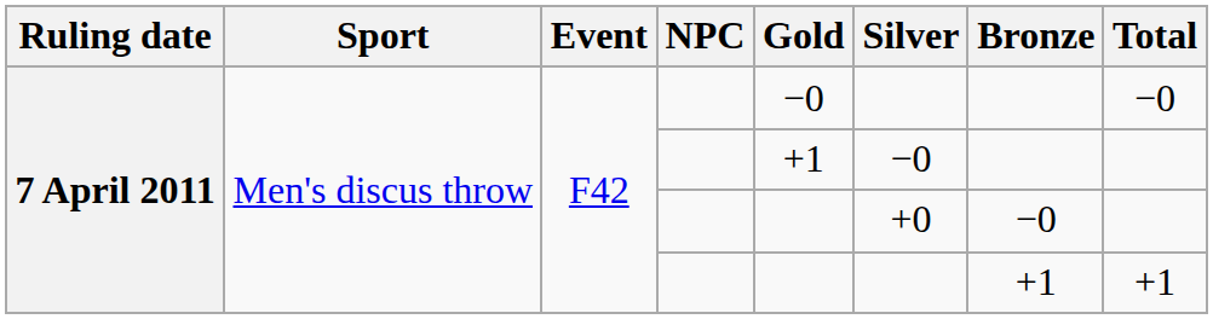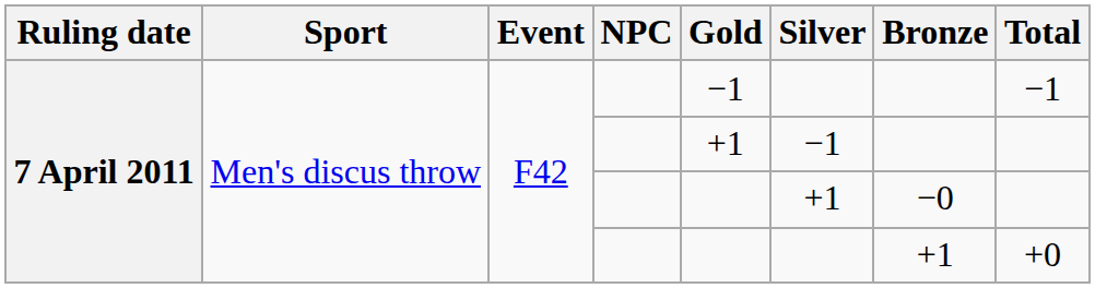 <table class="wikitable plainrowheaders" style="text-align:center">
 <tr>
 <th scope="col">Ruling date</th>
 <th scope="col">Sport</th>
 <th scope="col">Event</th>
 <th scope="col">NPC</th>
 <th scope="col">Gold</th>
 <th scope="col">Silver</th>
 <th scope="col">Bronze</th>
 <th scope="col">Total</th>
 </tr>
 <tr>
 <th scope="row" rowspan=4>7 April 2011</th>
 <td rowspan=4><a href='#'>Men's discus throw</a></td>
 <td rowspan=4><a href='#'>F42</a></td>
 <td align=left></td>
-<td>−0</td>
+<td>−1</td>
 <td></td>
 <td></td>
-<td>−0</td>
+<td>−1</td>
 </tr>
 <tr>
 <td align=left></td>
 <td>+1</td>
-<td>−0</td>
+<td>−1</td>
 <td></td>
 <td></td>
 </tr>
 <tr>
 <td align=left></td>
 <td></td>
-<td>+0</td>
+<td>+1</td>
 <td>−0</td>
 <td></td>
 </tr>
 <tr>
 <td align=left></td>
 <td></td>
 <td></td>
 <td>+1</td>
-<td>+1</td>
+<td>+0</td>
 </tr>
 </table>
